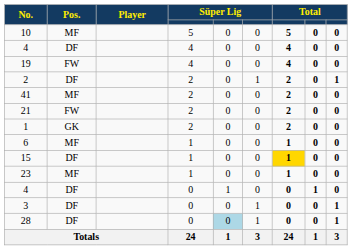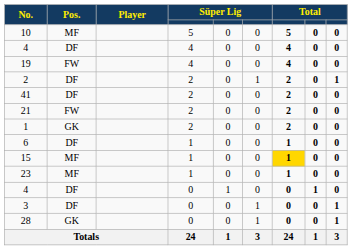 <table class="wikitable sortable" style="text-align:center;width:35%;">
 <tr>
 <th rowspan=2 style="background:#133A61; color:#FFED00; ">No.</th>
 <th rowspan=2 style="background:#133A61; color:#FFED00; ">Pos.</th>
 <th rowspan=2 style="background:#133A61; color:#FFED00; ">Player</th>
 <th colspan=3 style="background:#133A61; color:#FFED00; ">Süper Lig</th>
 <th colspan=3 style="background:#133A61; color:#FFED00; ">Total</th>
 </tr>
 <tr>
 <th style="background:#133A61; color:#FFED00; "></th>
 <th style="background:#133A61; color:#FFED00; "></th>
 <th style="background:#133A61; color:#FFED00; "></th>
 <th style="background:#133A61; color:#FFED00; "></th>
 <th style="background:#133A61; color:#FFED00; "></th>
 <th style="background:#133A61; color:#FFED00; "></th>
 </tr>
 <tr>
 <td>10</td>
 <td>MF</td>
 <td align=left> </td>
 <td>5</td>
 <td>0</td>
 <td>0</td>
 <td><strong>5</strong></td>
 <td><strong>0</strong></td>
 <td><strong>0</strong></td>
 </tr>
 <tr>
 <td>4</td>
 <td>DF</td>
 <td align=left> </td>
 <td>4</td>
 <td>0</td>
 <td>0</td>
 <td><strong>4</strong></td>
 <td><strong>0</strong></td>
 <td><strong>0</strong></td>
 </tr>
 <tr>
 <td>19</td>
 <td>FW</td>
 <td align=left> </td>
 <td>4</td>
 <td>0</td>
 <td>0</td>
 <td><strong>4</strong></td>
 <td><strong>0</strong></td>
 <td><strong>0</strong></td>
 </tr>
 <tr>
 <td>2</td>
 <td>DF</td>
 <td align=left> </td>
 <td>2</td>
 <td>0</td>
 <td>1</td>
 <td><strong>2</strong></td>
 <td><strong>0</strong></td>
 <td><strong>1</strong></td>
 </tr>
 <tr>
 <td>41</td>
-<td>MF</td>
+<td>DF</td>
 <td align=left> </td>
 <td>2</td>
 <td>0</td>
 <td>0</td>
 <td><strong>2</strong></td>
 <td><strong>0</strong></td>
 <td><strong>0</strong></td>
 </tr>
 <tr>
 <td>21</td>
 <td>FW</td>
 <td align=left> </td>
 <td>2</td>
 <td>0</td>
 <td>0</td>
 <td><strong>2</strong></td>
 <td><strong>0</strong></td>
 <td><strong>0</strong></td>
 </tr>
 <tr>
 <td>1</td>
 <td>GK</td>
 <td align=left> </td>
 <td>2</td>
 <td>0</td>
 <td>0</td>
 <td><strong>2</strong></td>
 <td><strong>0</strong></td>
 <td><strong>0</strong></td>
 </tr>
 <tr>
 <td>6</td>
-<td>MF</td>
+<td>DF</td>
 <td align=left> </td>
 <td>1</td>
 <td>0</td>
 <td>0</td>
 <td><strong>1</strong></td>
 <td><strong>0</strong></td>
 <td><strong>0</strong></td>
 </tr>
 <tr>
 <td>15</td>
-<td>DF</td>
+<td>MF</td>
 <td align=left> </td>
 <td>1</td>
 <td>0</td>
 <td>0</td>
 <td style="background: gold;"><strong>1</strong></td>
 <td><strong>0</strong></td>
 <td><strong>0</strong></td>
 </tr>
 <tr>
 <td>23</td>
 <td>MF</td>
 <td align=left> </td>
 <td>1</td>
 <td>0</td>
 <td>0</td>
 <td><strong>1</strong></td>
 <td><strong>0</strong></td>
 <td><strong>0</strong></td>
 </tr>
 <tr>
 <td>4</td>
 <td>DF</td>
 <td align=left> </td>
 <td>0</td>
 <td>1</td>
 <td>0</td>
 <td><strong>0</strong></td>
 <td><strong>1</strong></td>
 <td><strong>0</strong></td>
 </tr>
 <tr>
 <td>3</td>
 <td>DF</td>
 <td align=left> </td>
 <td>0</td>
 <td>0</td>
 <td>1</td>
 <td><strong>0</strong></td>
 <td><strong>0</strong></td>
 <td><strong>1</strong></td>
 </tr>
 <tr>
 <td>28</td>
-<td>DF</td>
+<td>GK</td>
 <td align=left> </td>
 <td>0</td>
-<td style="background: lightblue;">0</td>
+<td>0</td>
 <td>1</td>
 <td><strong>0</strong></td>
 <td><strong>0</strong></td>
 <td><strong>1</strong></td>
 </tr>
 <tr>
 <th colspan=3><strong>Totals</strong></th>
 <th><strong>24</strong></th>
 <th><strong>1</strong></th>
 <th><strong>3</strong></th>
 <th><strong>24</strong></th>
 <th><strong>1</strong></th>
 <th><strong>3</strong></th>
 </tr>
 </table>
